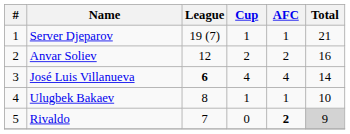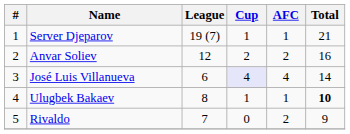 <table class="wikitable sortable"  style="text-align:center; font-size:95%; ">
 <tr>
 <th width=20px>#</th>
 <th width=180px>Name</th>
 <th width=40px>League</th>
 <th width=40px><a href='#'>Cup</a></th>
 <th width=40px><a href='#'>AFC</a></th>
 <th width=40px>Total</th>
 </tr>
 <tr bgcolor=>
 <td>1</td>
 <td align=left> <a href='#'>Server Djeparov</a></td>
 <td>19 (7)</td>
 <td>1</td>
 <td>1</td>
 <td>21</td>
 </tr>
 <tr>
 <td>2</td>
 <td align=left> <a href='#'>Anvar Soliev</a></td>
 <td>12</td>
 <td>2</td>
 <td>2</td>
 <td>16</td>
 </tr>
 <tr>
 <td>3</td>
 <td align=left> <a href='#'>José Luis Villanueva</a></td>
-<td><strong>6</strong></td>
-<td>4</td>
+<td>6</td>
+<td style="background: lavender;">4</td>
 <td>4</td>
 <td>14</td>
 </tr>
 <tr>
 <td>4</td>
 <td align=left> <a href='#'>Ulugbek Bakaev</a></td>
 <td>8</td>
 <td>1</td>
 <td>1</td>
-<td>10</td>
+<td><strong>10</strong></td>
 </tr>
 <tr>
 <td>5</td>
 <td align=left> <a href='#'>Rivaldo</a></td>
 <td>7</td>
 <td>0</td>
-<td><strong>2</strong></td>
-<td style="background: lightgrey;">9</td>
+<td>2</td>
+<td>9</td>
 </tr>
 <tr>
 </tr>
 </table>
